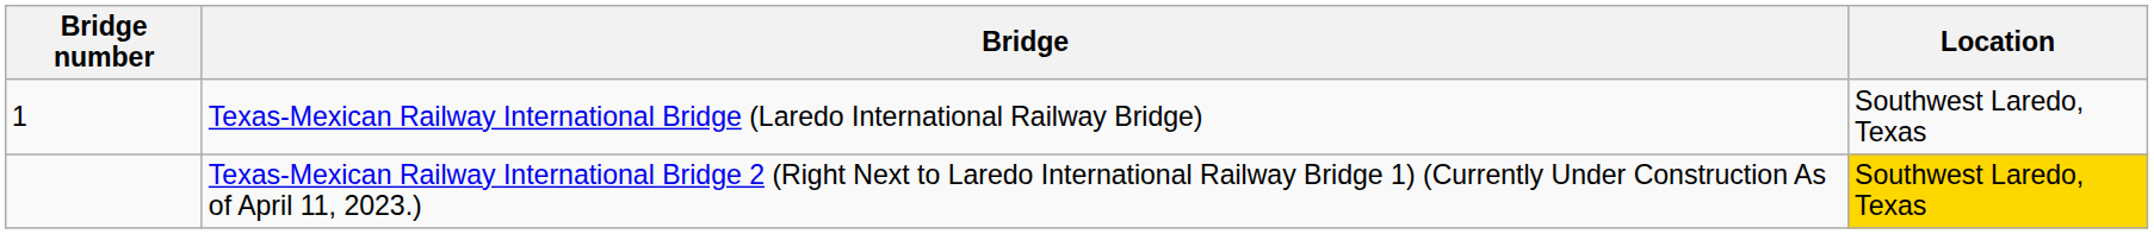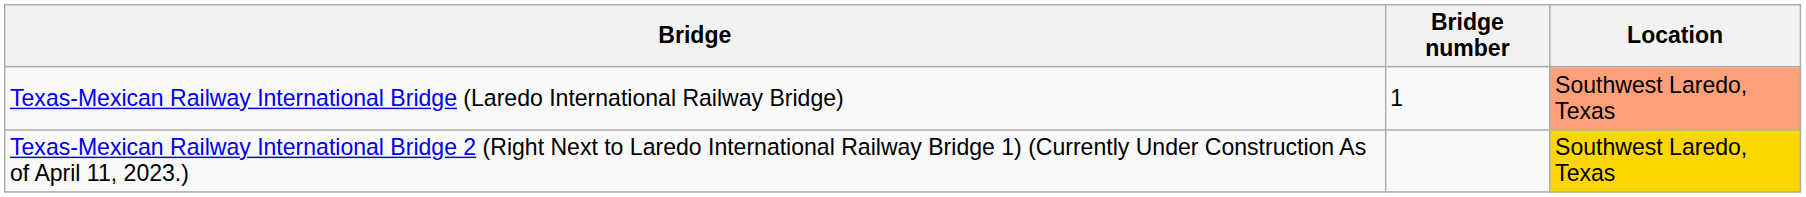 <table class="wikitable">
 <tr>
+<th>Bridge</th>
 <th>Bridge number</th>
-<th>Bridge</th>
 <th>Location</th>
 </tr>
 <tr>
+<td><a href='#'>Texas-Mexican Railway International Bridge</a> (Laredo International Railway Bridge)</td>
 <td>1</td>
-<td><a href='#'>Texas-Mexican Railway International Bridge</a> (Laredo International Railway Bridge)</td>
-<td>Southwest Laredo, Texas</td>
+<td style="background: lightsalmon;">Southwest Laredo, Texas</td>
 </tr>
 <tr>
+<td><a href='#'>Texas-Mexican Railway International Bridge 2</a> (Right Next to Laredo International Railway Bridge 1) (Currently Under Construction As of April 11, 2023.)</td>
 <td></td>
-<td><a href='#'>Texas-Mexican Railway International Bridge 2</a> (Right Next to Laredo International Railway Bridge 1) (Currently Under Construction As of April 11, 2023.)</td>
 <td style="background: gold;">Southwest Laredo, Texas</td>
 </tr>
 </table>
